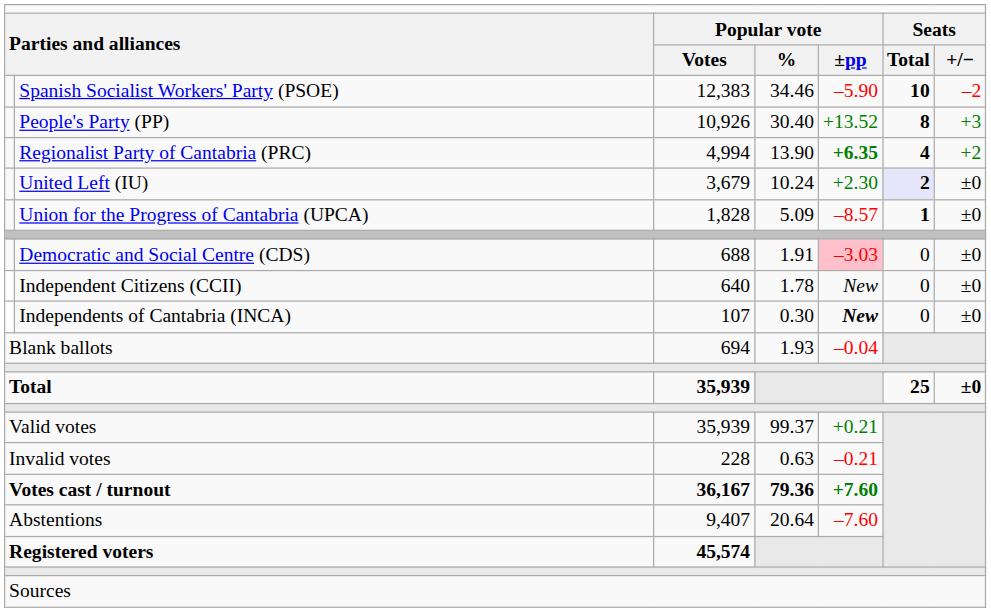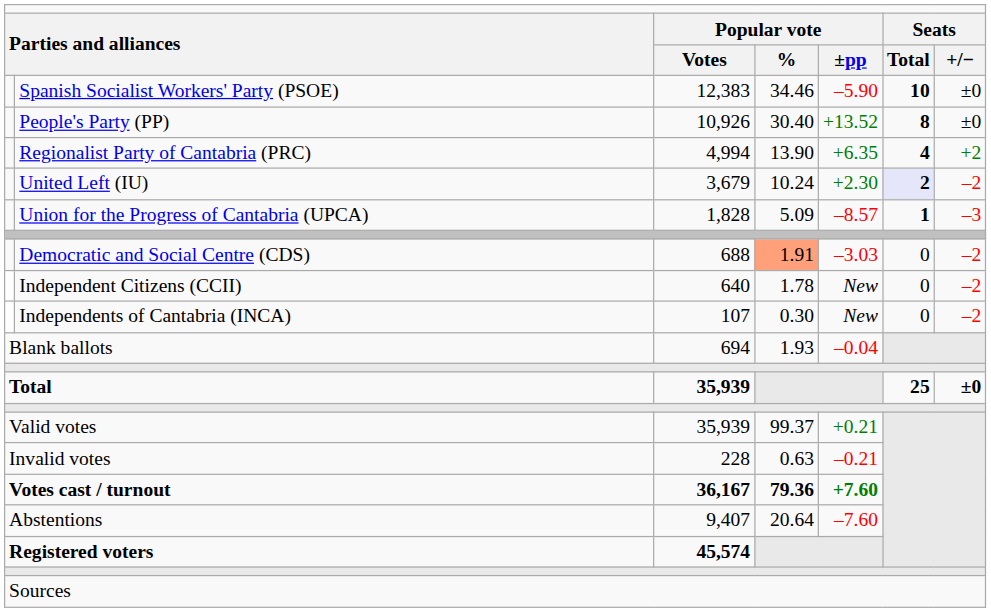 <table class="wikitable" style="text-align:right;">
 <tr>
 <td colspan="7"></td>
 </tr>
 <tr>
 <th style="text-align:left;" rowspan="2" colspan="2" width="525">Parties and alliances</th>
 <th colspan="3">Popular vote</th>
 <th colspan="2">Seats</th>
 </tr>
 <tr>
 <th width="75">Votes</th>
 <th width="45">%</th>
 <th width="45">±<a href='#'>pp</a></th>
 <th width="35">Total</th>
 <th width="35">+/−</th>
 </tr>
 <tr>
 <td width="1" style="color:inherit;background:"></td>
 <td align="left"><a href='#'>Spanish Socialist Workers' Party</a> (PSOE)</td>
 <td>12,383</td>
 <td>34.46</td>
 <td style="color:red;">–5.90</td>
 <td><strong>10</strong></td>
-<td style="color:red;">–2</td>
+<td>±0</td>
 </tr>
 <tr>
 <td style="color:inherit;background:"></td>
 <td align="left"><a href='#'>People's Party</a> (PP)</td>
 <td>10,926</td>
 <td>30.40</td>
 <td style="color:green;">+13.52</td>
 <td><strong>8</strong></td>
-<td style="color:green;">+3</td>
+<td>±0</td>
 </tr>
 <tr>
 <td style="color:inherit;background:"></td>
 <td align="left"><a href='#'>Regionalist Party of Cantabria</a> (PRC)</td>
 <td>4,994</td>
 <td>13.90</td>
-<td style="color:green;"><strong>+6.35</strong></td>
+<td style="color:green;">+6.35</td>
 <td><strong>4</strong></td>
 <td style="color:green;">+2</td>
 </tr>
 <tr>
 <td style="color:inherit;background:"></td>
 <td align="left"><a href='#'>United Left</a> (IU)</td>
 <td>3,679</td>
 <td>10.24</td>
 <td style="color:green;">+2.30</td>
 <td style="background: lavender;"><strong>2</strong></td>
-<td>±0</td>
+<td style="color:red;">–2</td>
 </tr>
 <tr>
 <td style="color:inherit;background:"></td>
 <td align="left"><a href='#'>Union for the Progress of Cantabria</a> (UPCA)</td>
 <td>1,828</td>
 <td>5.09</td>
 <td style="color:red;">–8.57</td>
 <td><strong>1</strong></td>
-<td>±0</td>
+<td style="color:red;">–3</td>
 </tr>
 <tr>
 <td colspan="7" bgcolor="#C0C0C0"></td>
 </tr>
 <tr>
 <td style="color:inherit;background:"></td>
 <td align="left"><a href='#'>Democratic and Social Centre</a> (CDS)</td>
 <td>688</td>
-<td>1.91</td>
-<td style="background: pink; color:red;">–3.03</td>
+<td style="background: lightsalmon;">1.91</td>
+<td style="color:red;">–3.03</td>
 <td>0</td>
-<td>±0</td>
+<td style="color:red;">–2</td>
 </tr>
 <tr>
 <td bgcolor="white"></td>
 <td align="left">Independent Citizens (CCII)</td>
 <td>640</td>
 <td>1.78</td>
 <td><em>New</em></td>
 <td>0</td>
-<td>±0</td>
+<td style="color:red;">–2</td>
 </tr>
 <tr>
 <td bgcolor="white"></td>
 <td align="left">Independents of Cantabria (INCA)</td>
 <td>107</td>
 <td>0.30</td>
-<td><strong><em>New</em></strong></td>
+<td><em>New</em></td>
 <td>0</td>
-<td>±0</td>
+<td style="color:red;">–2</td>
 </tr>
 <tr>
 <td align="left" colspan="2">Blank ballots</td>
 <td>694</td>
 <td>1.93</td>
 <td style="color:red;">–0.04</td>
 <td bgcolor="#E9E9E9" colspan="2"></td>
 </tr>
 <tr>
 <td colspan="7" bgcolor="#E9E9E9"></td>
 </tr>
 <tr style="font-weight:bold;">
 <td align="left" colspan="2">Total</td>
 <td>35,939</td>
 <td bgcolor="#E9E9E9" colspan="2"></td>
 <td>25</td>
 <td>±0</td>
 </tr>
 <tr>
 <td colspan="7" bgcolor="#E9E9E9"></td>
 </tr>
 <tr>
 <td align="left" colspan="2">Valid votes</td>
 <td>35,939</td>
 <td>99.37</td>
 <td style="color:green;">+0.21</td>
 <td bgcolor="#E9E9E9" colspan="2" rowspan="5"></td>
 </tr>
 <tr>
 <td align="left" colspan="2">Invalid votes</td>
 <td>228</td>
 <td>0.63</td>
 <td style="color:red;">–0.21</td>
 </tr>
 <tr style="font-weight:bold;">
 <td align="left" colspan="2">Votes cast / turnout</td>
 <td>36,167</td>
 <td>79.36</td>
 <td style="color:green;">+7.60</td>
 </tr>
 <tr>
 <td align="left" colspan="2">Abstentions</td>
 <td>9,407</td>
 <td>20.64</td>
 <td style="color:red;">–7.60</td>
 </tr>
 <tr style="font-weight:bold;">
 <td align="left" colspan="2">Registered voters</td>
 <td>45,574</td>
 <td bgcolor="#E9E9E9" colspan="2"></td>
 </tr>
 <tr>
 <td colspan="7" bgcolor="#E9E9E9"></td>
 </tr>
 <tr>
 <td align="left" colspan="7">Sources</td>
 </tr>
 </table>
